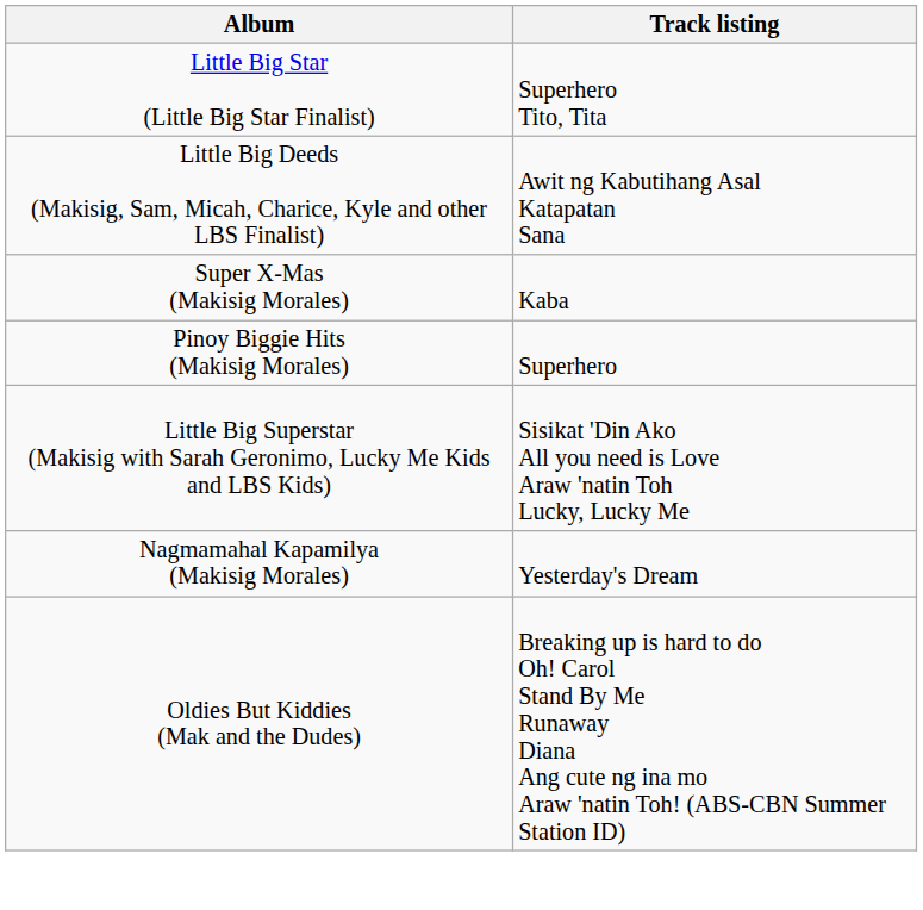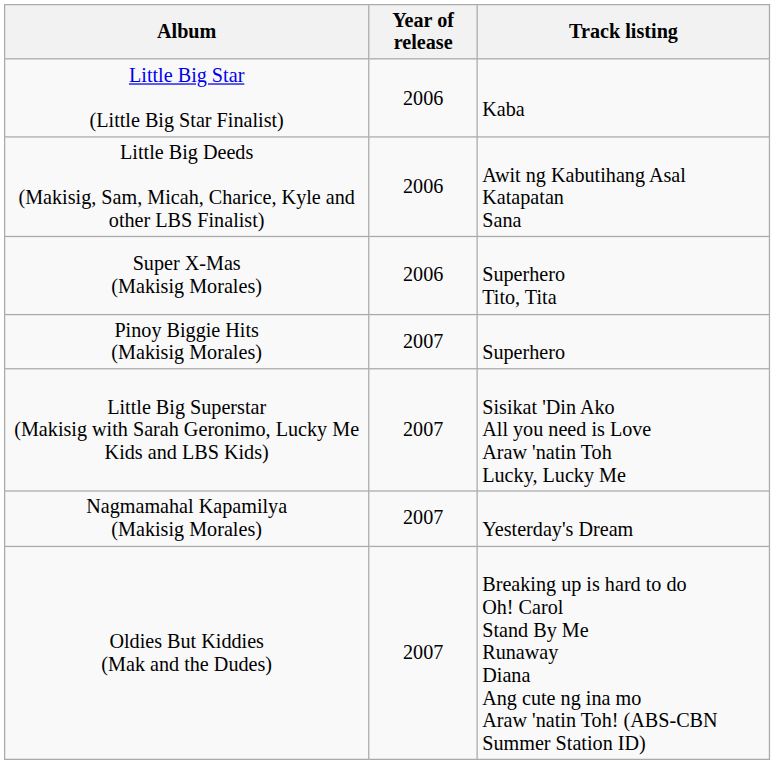 <table class="wikitable">
 <tr>
 <th align="left">Album<br></th>
+<th align="left">Year of release</th>
 <th align="left">Track listing</th>
 </tr>
 <tr>
 <td align="center"><a href='#'>Little Big Star</a><br><br>(Little Big Star Finalist)</td>
-<td align="left"><br>Superhero<br> Tito, Tita<br></td>
+<td align="center">2006</td>
+<td align="left"><br>Kaba<br></td>
 </tr>
 <tr>
 <td align="center">Little Big Deeds<br><br>(Makisig, Sam, Micah, Charice, Kyle and other LBS Finalist)</td>
+<td align="center">2006</td>
 <td align="left"><br>Awit ng Kabutihang Asal<br> Katapatan<br> Sana<br></td>
 </tr>
 <tr>
 <td align="center">Super X-Mas<br>(Makisig Morales)</td>
-<td align="left"><br>Kaba<br></td>
+<td align="center">2006</td>
+<td align="left"><br>Superhero<br> Tito, Tita<br></td>
 </tr>
 <tr>
 <td align="center">Pinoy Biggie Hits<br>(Makisig Morales)</td>
+<td align="center">2007</td>
 <td align="left"><br>Superhero<br></td>
 </tr>
 <tr>
 <td align="center">Little Big Superstar<br>(Makisig with Sarah Geronimo, Lucky Me Kids and LBS Kids)</td>
+<td align="center">2007</td>
 <td align="left"><br>Sisikat 'Din Ako<br> All you need is Love<br> Araw 'natin Toh<br> Lucky, Lucky Me</td>
 </tr>
 <tr>
 <td align="center">Nagmamahal Kapamilya<br>(Makisig Morales)</td>
+<td align="center">2007</td>
 <td align="left"><br>Yesterday's Dream<br></td>
 </tr>
 <tr>
 <td align="center">Oldies But Kiddies<br>(Mak and the Dudes)</td>
+<td align="center">2007</td>
 <td align="left"><br>Breaking up is hard to do<br> Oh! Carol<br> Stand By Me<br> Runaway<br> Diana<br> Ang cute ng ina mo<br> Araw 'natin Toh! (ABS-CBN Summer Station ID)<br></td>
 </tr>
 </table>
